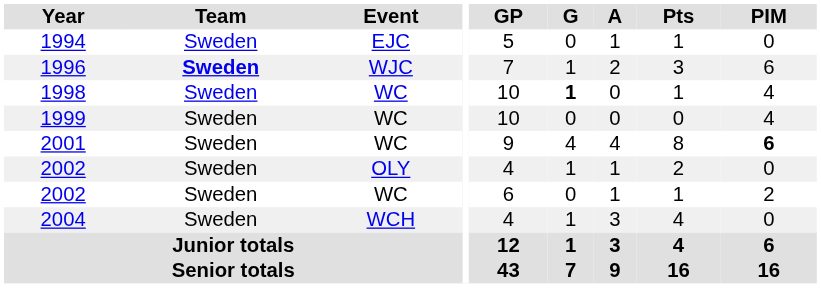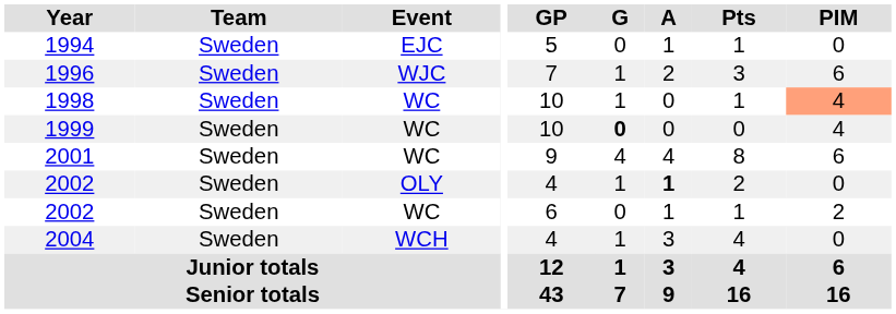 <table border="0" cellpadding="1" cellspacing="0" ID="Table3" style="text-align:center; width:40em">
 <tr bgcolor="#e0e0e0">
 <th>Year</th>
 <th>Team</th>
 <th>Event</th>
 <th rowspan="102" bgcolor="#ffffff"></th>
 <th>GP</th>
 <th>G</th>
 <th>A</th>
 <th>Pts</th>
 <th>PIM</th>
 </tr>
 <tr>
 <td><a href='#'>1994</a></td>
 <td><a href='#'>Sweden</a></td>
 <td><a href='#'>EJC</a></td>
 <td>5</td>
 <td>0</td>
 <td>1</td>
 <td>1</td>
 <td>0</td>
 </tr>
 <tr bgcolor="#f0f0f0">
 <td><a href='#'>1996</a></td>
-<td><strong><a href='#'>Sweden</a></strong></td>
+<td><a href='#'>Sweden</a></td>
 <td><a href='#'>WJC</a></td>
 <td>7</td>
 <td>1</td>
 <td>2</td>
 <td>3</td>
 <td>6</td>
 </tr>
 <tr>
 <td><a href='#'>1998</a></td>
 <td><a href='#'>Sweden</a></td>
 <td><a href='#'>WC</a></td>
 <td>10</td>
-<td><strong>1</strong></td>
+<td>1</td>
 <td>0</td>
 <td>1</td>
-<td>4</td>
+<td style="background: lightsalmon;">4</td>
 </tr>
 <tr bgcolor="#f0f0f0">
 <td><a href='#'>1999</a></td>
 <td>Sweden</td>
 <td>WC</td>
 <td>10</td>
-<td>0</td>
+<td><strong>0</strong></td>
 <td>0</td>
 <td>0</td>
 <td>4</td>
 </tr>
 <tr>
 <td><a href='#'>2001</a></td>
 <td>Sweden</td>
 <td>WC</td>
 <td>9</td>
 <td>4</td>
 <td>4</td>
 <td>8</td>
-<td><strong>6</strong></td>
+<td>6</td>
 </tr>
 <tr bgcolor="#f0f0f0">
 <td><a href='#'>2002</a></td>
 <td>Sweden</td>
 <td><a href='#'>OLY</a></td>
 <td>4</td>
 <td>1</td>
-<td>1</td>
+<td><strong>1</strong></td>
 <td>2</td>
 <td>0</td>
 </tr>
 <tr>
 <td><a href='#'>2002</a></td>
 <td>Sweden</td>
 <td>WC</td>
 <td>6</td>
 <td>0</td>
 <td>1</td>
 <td>1</td>
 <td>2</td>
 </tr>
 <tr bgcolor="#f0f0f0">
 <td><a href='#'>2004</a></td>
 <td>Sweden</td>
 <td><a href='#'>WCH</a></td>
 <td>4</td>
 <td>1</td>
 <td>3</td>
 <td>4</td>
 <td>0</td>
 </tr>
 <tr bgcolor="#e0e0e0">
 <th colspan=3>Junior totals</th>
 <th>12</th>
 <th>1</th>
 <th>3</th>
 <th>4</th>
 <th>6</th>
 </tr>
 <tr bgcolor="#e0e0e0">
 <th colspan=3>Senior totals</th>
 <th>43</th>
 <th>7</th>
 <th>9</th>
 <th>16</th>
 <th>16</th>
 </tr>
 </table>
